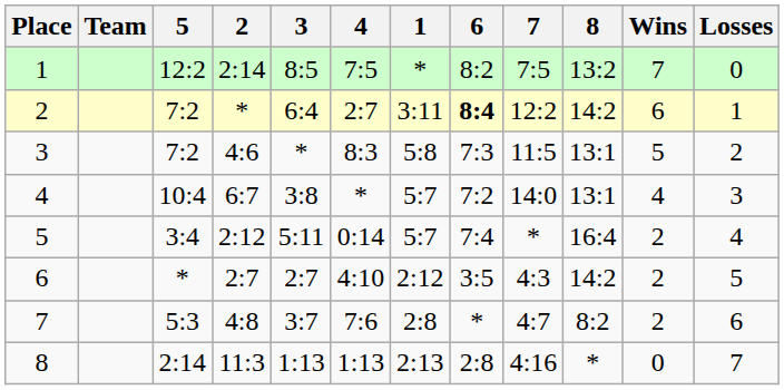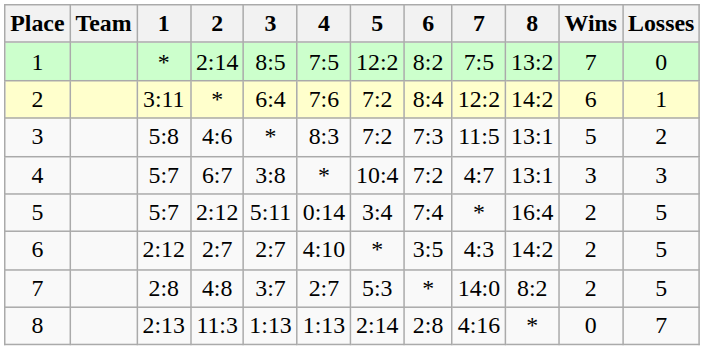 <table class="wikitable" style="text-align:center;">
 <tr>
 <th>Place</th>
 <th>Team</th>
-<th width="25">5</th>
+<th width="25">1</th>
 <th width="25">2</th>
 <th width="25">3</th>
 <th width="25">4</th>
-<th width="25">1</th>
+<th width="25">5</th>
 <th width="25">6</th>
 <th width="25">7</th>
 <th width="25">8</th>
 <th>Wins</th>
 <th>Losses</th>
 </tr>
 <tr bgcolor=#cfc>
 <td>1</td>
 <td align=left></td>
-<td>12:2</td>
+<td>*</td>
 <td>2:14</td>
 <td>8:5</td>
 <td>7:5</td>
-<td>*</td>
+<td>12:2</td>
 <td>8:2</td>
 <td>7:5</td>
 <td>13:2</td>
 <td>7</td>
 <td>0</td>
 </tr>
 <tr bgcolor=#ffc>
 <td>2</td>
 <td align=left></td>
-<td>7:2</td>
+<td>3:11</td>
 <td>*</td>
 <td>6:4</td>
-<td>2:7</td>
-<td>3:11</td>
-<td><strong>8:4</strong></td>
+<td>7:6</td>
+<td>7:2</td>
+<td>8:4</td>
 <td>12:2</td>
 <td>14:2</td>
 <td>6</td>
 <td>1</td>
 </tr>
 <tr>
 <td>3</td>
 <td align=left></td>
-<td>7:2</td>
+<td>5:8</td>
 <td>4:6</td>
 <td>*</td>
 <td>8:3</td>
-<td>5:8</td>
+<td>7:2</td>
 <td>7:3</td>
 <td>11:5</td>
 <td>13:1</td>
 <td>5</td>
 <td>2</td>
 </tr>
 <tr>
 <td>4</td>
 <td align=left></td>
-<td>10:4</td>
+<td>5:7</td>
 <td>6:7</td>
 <td>3:8</td>
 <td>*</td>
-<td>5:7</td>
+<td>10:4</td>
 <td>7:2</td>
-<td>14:0</td>
+<td>4:7</td>
 <td>13:1</td>
-<td>4</td>
+<td>3</td>
 <td>3</td>
 </tr>
 <tr>
 <td>5</td>
 <td align=left></td>
-<td>3:4</td>
+<td>5:7</td>
 <td>2:12</td>
 <td>5:11</td>
 <td>0:14</td>
-<td>5:7</td>
+<td>3:4</td>
 <td>7:4</td>
 <td>*</td>
 <td>16:4</td>
 <td>2</td>
-<td>4</td>
+<td>5</td>
 </tr>
 <tr>
 <td>6</td>
 <td align=left></td>
-<td>*</td>
+<td>2:12</td>
 <td>2:7</td>
 <td>2:7</td>
 <td>4:10</td>
-<td>2:12</td>
+<td>*</td>
 <td>3:5</td>
 <td>4:3</td>
 <td>14:2</td>
 <td>2</td>
 <td>5</td>
 </tr>
 <tr>
 <td>7</td>
 <td align=left></td>
-<td>5:3</td>
+<td>2:8</td>
 <td>4:8</td>
 <td>3:7</td>
-<td>7:6</td>
-<td>2:8</td>
+<td>2:7</td>
+<td>5:3</td>
 <td>*</td>
-<td>4:7</td>
+<td>14:0</td>
 <td>8:2</td>
 <td>2</td>
-<td>6</td>
+<td>5</td>
 </tr>
 <tr>
 <td>8</td>
 <td align=left></td>
-<td>2:14</td>
+<td>2:13</td>
 <td>11:3</td>
 <td>1:13</td>
 <td>1:13</td>
-<td>2:13</td>
+<td>2:14</td>
 <td>2:8</td>
 <td>4:16</td>
 <td>*</td>
 <td>0</td>
 <td>7</td>
 </tr>
 </table>
